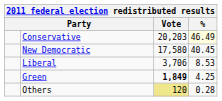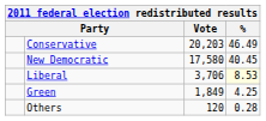 <table class="wikitable">
 <tr>
 <th colspan="4"><a href='#'>2011 federal election</a> redistributed results</th>
 </tr>
 <tr>
 <th bgcolor="#DDDDFF" width="130px" colspan="2">Party</th>
 <th bgcolor="#DDDDFF" width="50px">Vote</th>
 <th bgcolor="#DDDDFF" width="30px">%</th>
 </tr>
 <tr>
 <td> </td>
 <td><a href='#'>Conservative</a></td>
 <td align="right">20,203</td>
-<td align="right" style="background: lightyellow;">46.49</td>
+<td align="right">46.49</td>
 </tr>
 <tr>
 <td> </td>
 <td><a href='#'>New Democratic</a></td>
 <td align="right">17,580</td>
 <td align="right">40.45</td>
 </tr>
 <tr>
 <td> </td>
 <td><a href='#'>Liberal</a></td>
 <td align="right">3,706</td>
-<td align="right">8.53</td>
+<td align="right" style="background: lightyellow;">8.53</td>
 </tr>
 <tr>
 <td> </td>
 <td><a href='#'>Green</a></td>
-<td align="right"><strong>1,849</strong></td>
+<td align="right">1,849</td>
 <td align="right">4.25</td>
 </tr>
 <tr>
 <td> </td>
 <td>Others</td>
-<td align="right" style="background: khaki;">120</td>
+<td align="right">120</td>
 <td align="right">0.28</td>
 </tr>
 </table>
